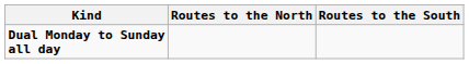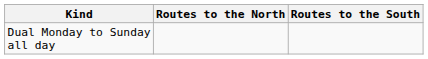 <table class="wikitable" style="margin:1em auto;">
 <tr>
 <th>Kind</th>
 <th>Routes to the North</th>
 <th>Routes to the South</th>
 </tr>
 <tr>
-<td><strong>Dual Monday to Sunday <br> all day</strong></td>
+<td>Dual Monday to Sunday <br> all day</td>
 <td></td>
 <td></td>
 </tr>
 </table>
